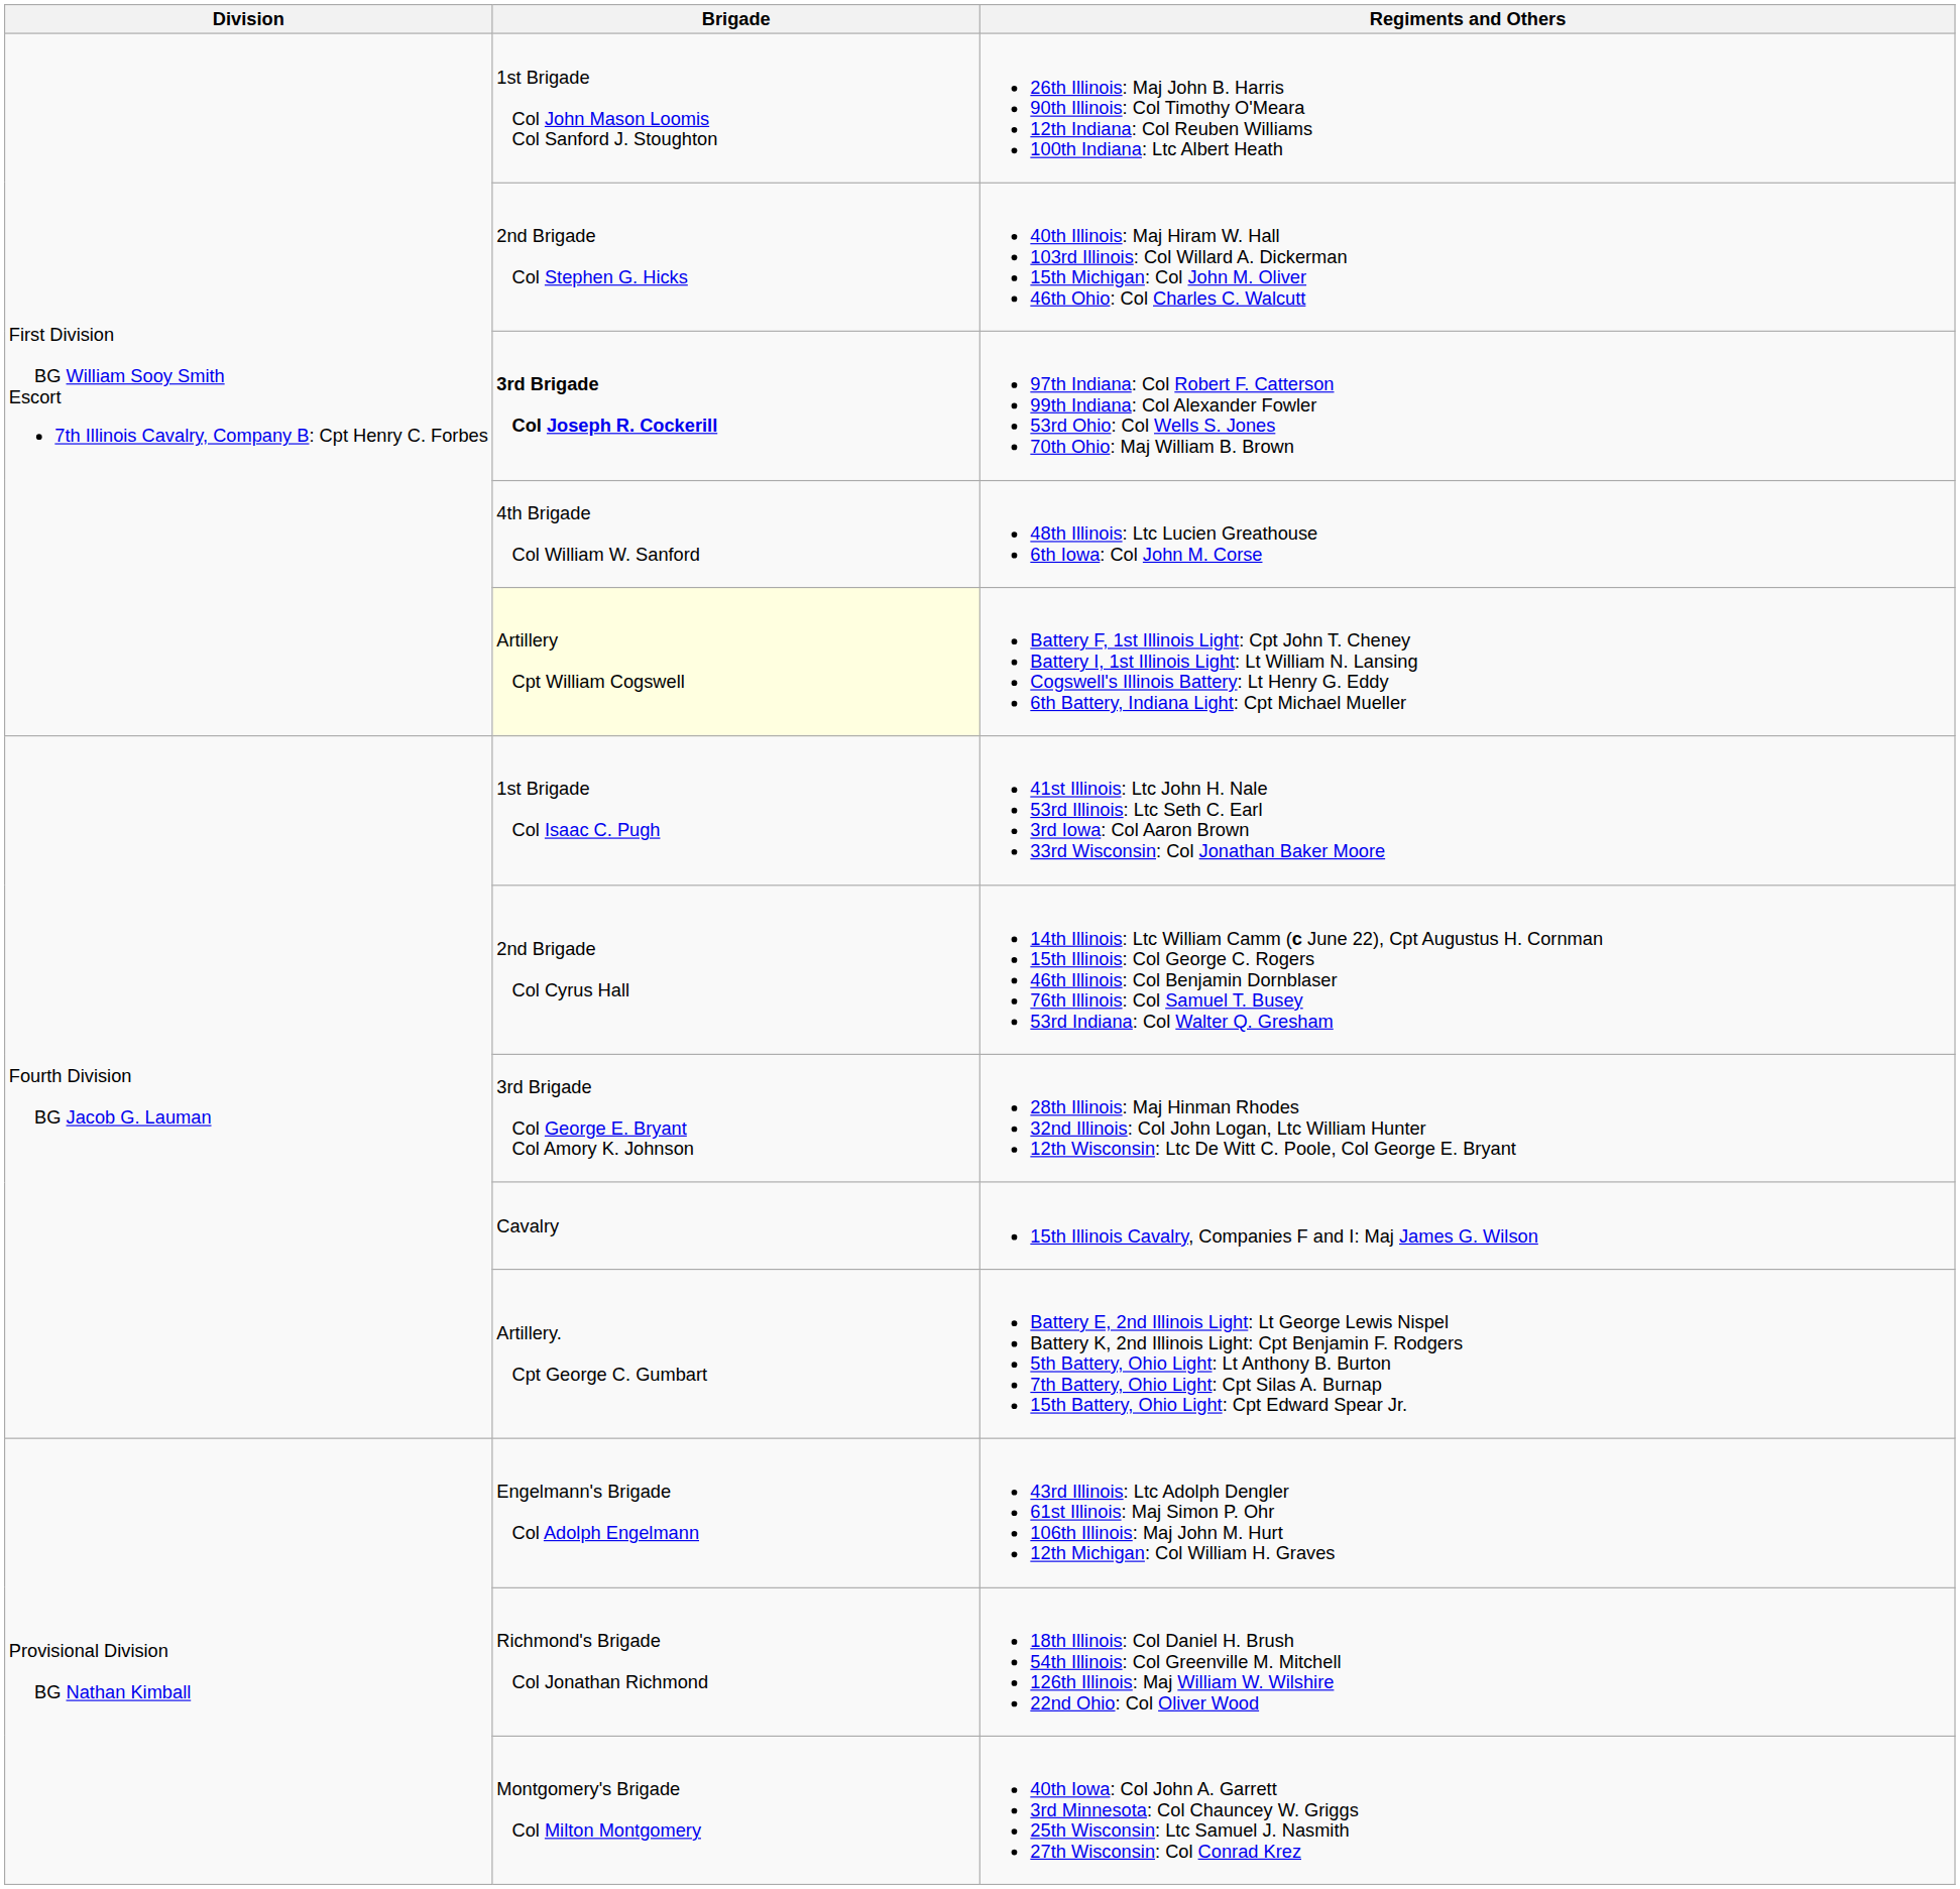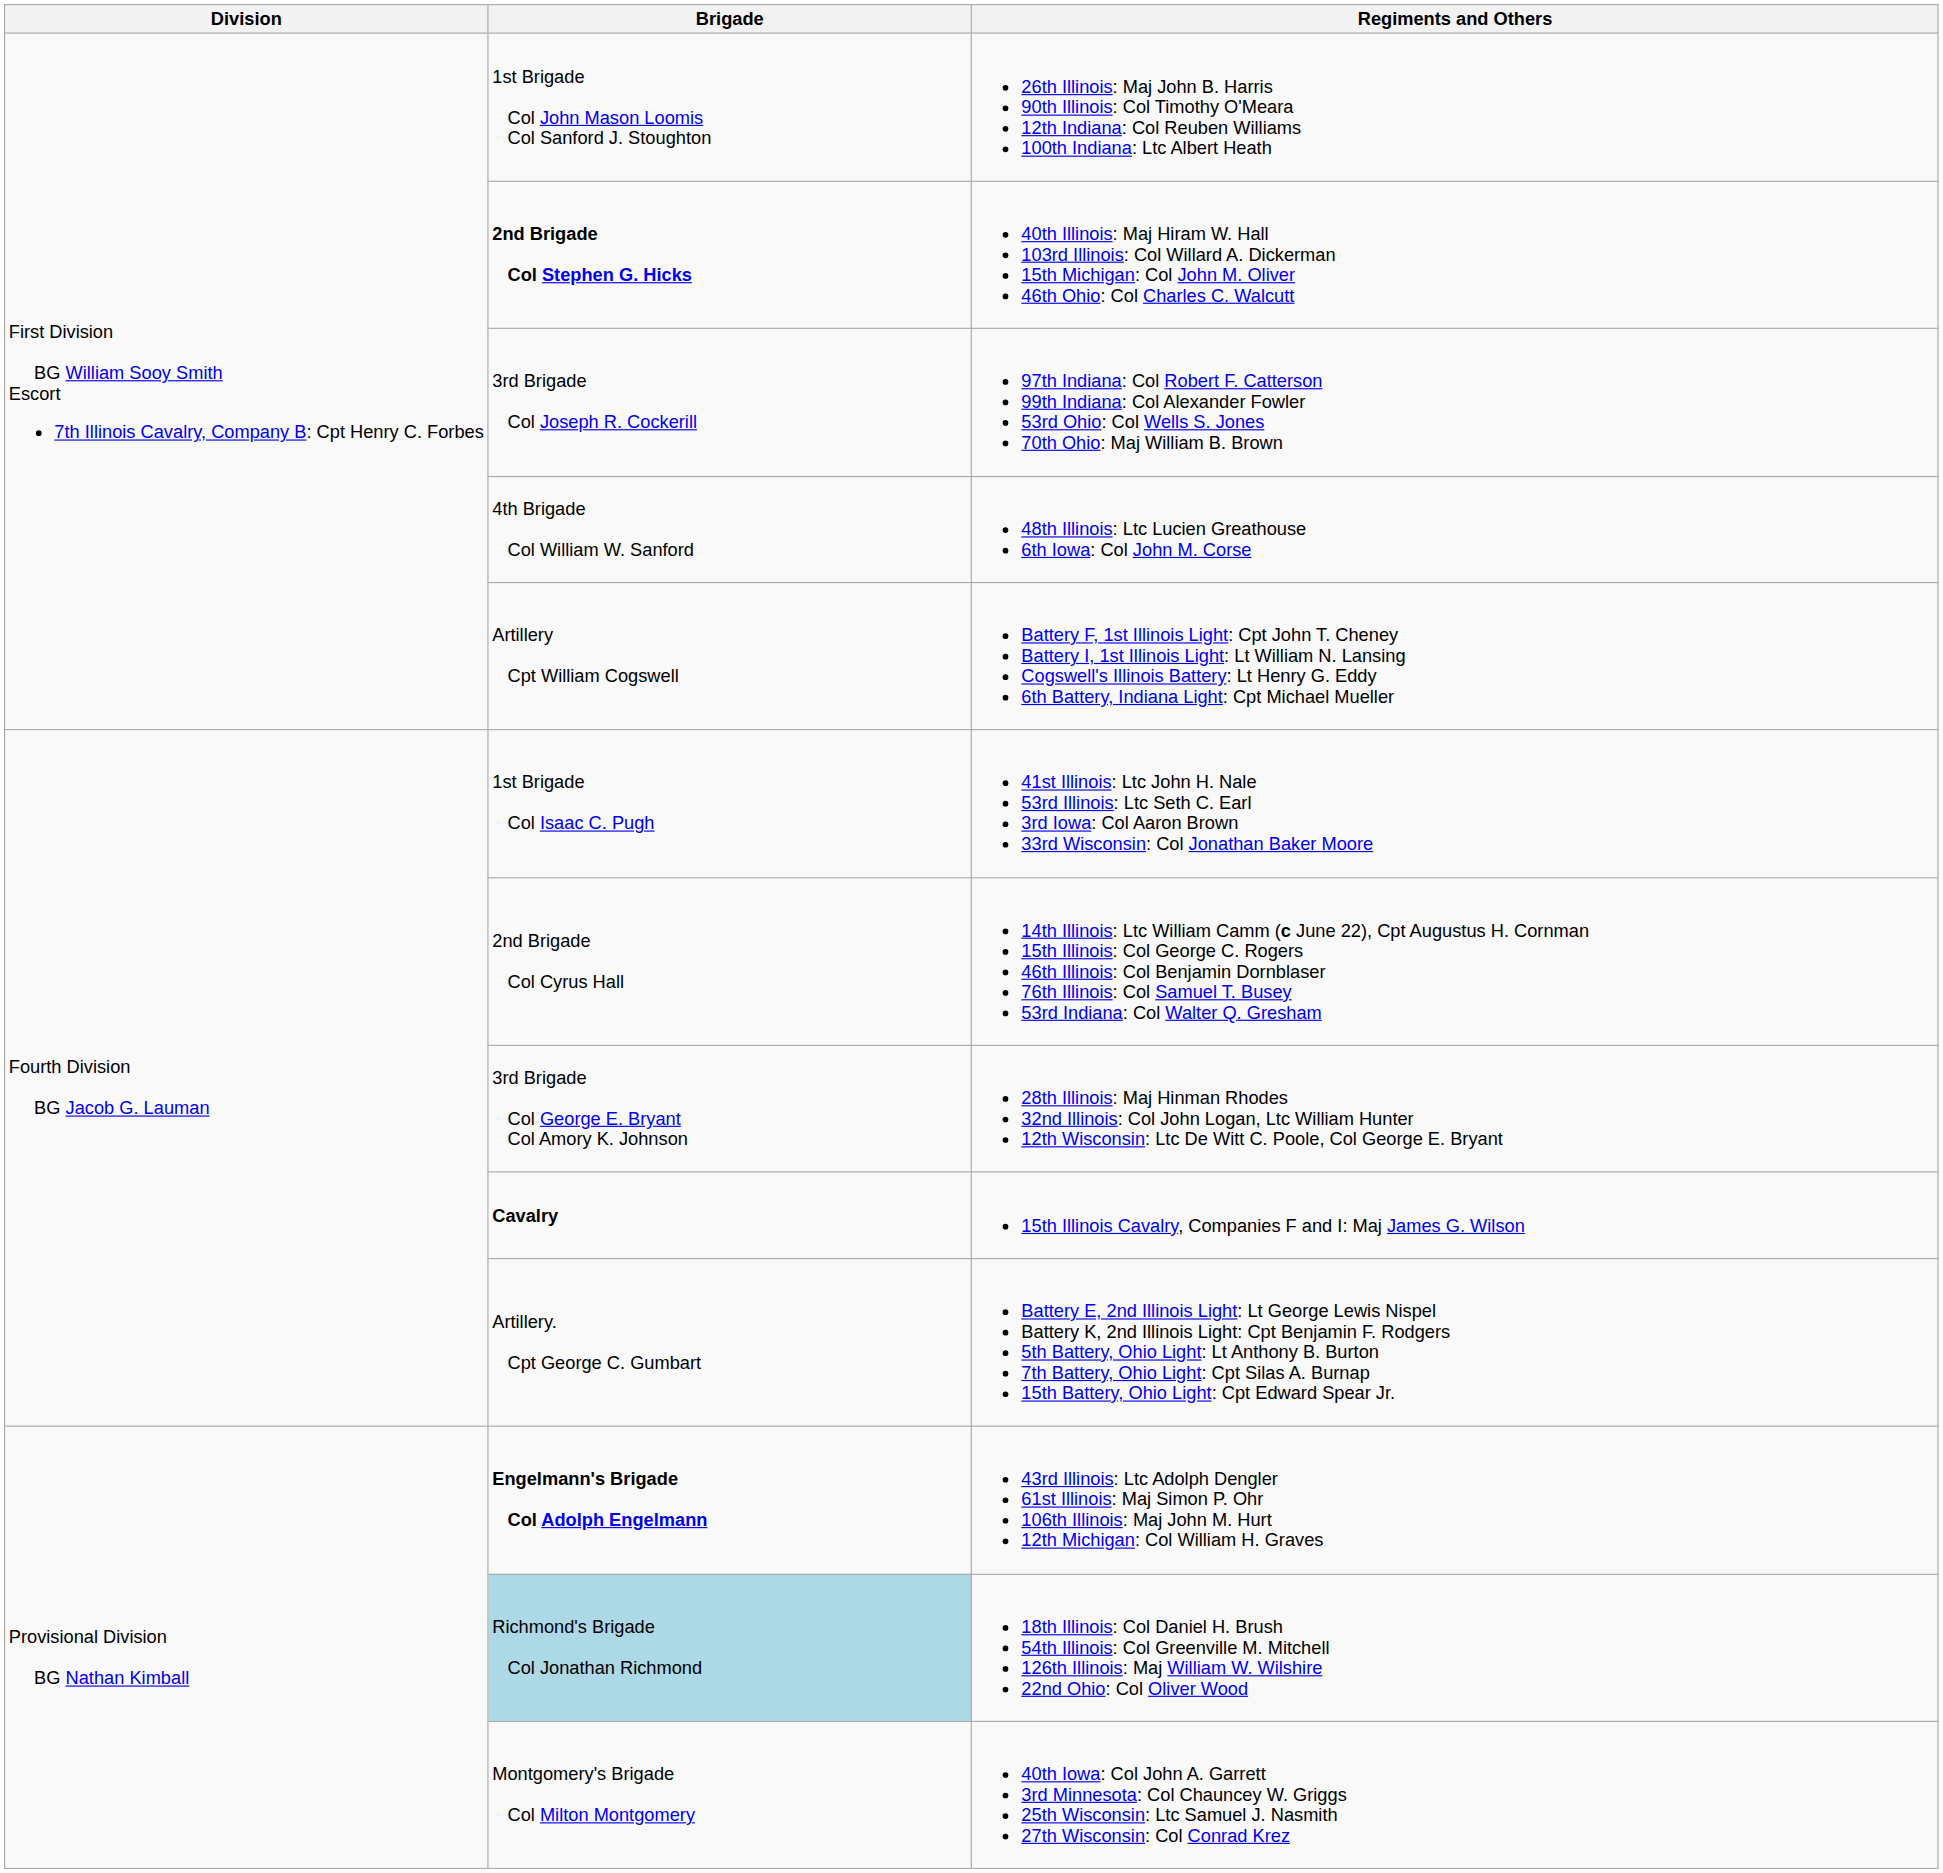 <table class="wikitable">
 <tr>
 <th width=25%>Division</th>
 <th width=25%>Brigade</th>
 <th>Regiments and Others</th>
 </tr>
 <tr>
 <td rowspan=5><br>First Division<br><br>     BG <a href='#'>William Sooy Smith</a><br>Escort<ul><li><a href='#'>7th Illinois Cavalry, Company B</a>: Cpt Henry C. Forbes</li></ul></td>
 <td>1st Brigade<br><br>   Col <a href='#'>John Mason Loomis</a> <br>   Col Sanford J. Stoughton</td>
 <td><br><ul><li><a href='#'>26th Illinois</a>: Maj John B. Harris</li><li><a href='#'>90th Illinois</a>: Col Timothy O'Meara</li><li><a href='#'>12th Indiana</a>: Col Reuben Williams</li><li><a href='#'>100th Indiana</a>: Ltc Albert Heath</li></ul></td>
 </tr>
 <tr>
-<td>2nd Brigade<br><br>   Col <a href='#'>Stephen G. Hicks</a></td>
+<td><strong>2nd Brigade<br><br>   Col <a href='#'>Stephen G. Hicks</a></strong></td>
 <td><br><ul><li><a href='#'>40th Illinois</a>: Maj Hiram W. Hall</li><li><a href='#'>103rd Illinois</a>: Col Willard A. Dickerman</li><li><a href='#'>15th Michigan</a>: Col <a href='#'>John M. Oliver</a></li><li><a href='#'>46th Ohio</a>: Col <a href='#'>Charles C. Walcutt</a></li></ul></td>
 </tr>
 <tr>
-<td><strong>3rd Brigade<br><br>   Col <a href='#'>Joseph R. Cockerill</a></strong></td>
+<td>3rd Brigade<br><br>   Col <a href='#'>Joseph R. Cockerill</a></td>
 <td><br><ul><li><a href='#'>97th Indiana</a>: Col <a href='#'>Robert F. Catterson</a></li><li><a href='#'>99th Indiana</a>: Col Alexander Fowler</li><li><a href='#'>53rd Ohio</a>: Col <a href='#'>Wells S. Jones</a></li><li><a href='#'>70th Ohio</a>: Maj William B. Brown</li></ul></td>
 </tr>
 <tr>
 <td>4th Brigade<br><br>   Col William W. Sanford</td>
 <td><br><ul><li><a href='#'>48th Illinois</a>: Ltc Lucien Greathouse</li><li><a href='#'>6th Iowa</a>: Col <a href='#'>John M. Corse</a></li></ul></td>
 </tr>
 <tr>
-<td style="background: lightyellow;">Artillery<br><br>   Cpt William Cogswell</td>
+<td>Artillery<br><br>   Cpt William Cogswell</td>
 <td><br><ul><li><a href='#'>Battery F, 1st Illinois Light</a>: Cpt John T. Cheney</li><li><a href='#'>Battery I, 1st Illinois Light</a>: Lt William N. Lansing</li><li><a href='#'>Cogswell's Illinois Battery</a>: Lt Henry G. Eddy</li><li><a href='#'>6th Battery, Indiana Light</a>: Cpt Michael Mueller</li></ul></td>
 </tr>
 <tr>
 <td rowspan=5><br>Fourth Division<br><br>     BG <a href='#'>Jacob G. Lauman</a></td>
 <td>1st Brigade<br><br>   Col <a href='#'>Isaac C. Pugh</a></td>
 <td><br><ul><li><a href='#'>41st Illinois</a>: Ltc John H. Nale</li><li><a href='#'>53rd Illinois</a>: Ltc Seth C. Earl</li><li><a href='#'>3rd Iowa</a>: Col Aaron Brown</li><li><a href='#'>33rd Wisconsin</a>: Col <a href='#'>Jonathan Baker Moore</a></li></ul></td>
 </tr>
 <tr>
 <td>2nd Brigade<br><br>   Col Cyrus Hall</td>
 <td><br><ul><li><a href='#'>14th Illinois</a>: Ltc William Camm (<strong>c</strong> June 22), Cpt Augustus H. Cornman</li><li><a href='#'>15th Illinois</a>: Col George C. Rogers</li><li><a href='#'>46th Illinois</a>: Col Benjamin Dornblaser</li><li><a href='#'>76th Illinois</a>: Col <a href='#'>Samuel T. Busey</a></li><li><a href='#'>53rd Indiana</a>: Col <a href='#'>Walter Q. Gresham</a></li></ul></td>
 </tr>
 <tr>
 <td>3rd Brigade<br><br>   Col <a href='#'>George E. Bryant</a> <br>   Col Amory K. Johnson</td>
 <td><br><ul><li><a href='#'>28th Illinois</a>: Maj Hinman Rhodes</li><li><a href='#'>32nd Illinois</a>: Col John Logan, Ltc William Hunter</li><li><a href='#'>12th Wisconsin</a>: Ltc De Witt C. Poole, Col George E. Bryant</li></ul></td>
 </tr>
 <tr>
-<td>Cavalry</td>
+<td><strong>Cavalry</strong></td>
 <td><br><ul><li><a href='#'>15th Illinois Cavalry</a>, Companies F and I: Maj <a href='#'>James G. Wilson</a></li></ul></td>
 </tr>
 <tr>
 <td>Artillery.<br><br>   Cpt George C. Gumbart</td>
 <td><br><ul><li><a href='#'>Battery E, 2nd Illinois Light</a>: Lt George Lewis Nispel</li><li>Battery K, 2nd Illinois Light: Cpt Benjamin F. Rodgers</li><li><a href='#'>5th Battery, Ohio Light</a>: Lt Anthony B. Burton</li><li><a href='#'>7th Battery, Ohio Light</a>: Cpt Silas A. Burnap</li><li><a href='#'>15th Battery, Ohio Light</a>: Cpt Edward Spear Jr.</li></ul></td>
 </tr>
 <tr>
 <td rowspan=3><br>Provisional Division<br><br>     BG <a href='#'>Nathan Kimball</a></td>
-<td>Engelmann's Brigade<br><br>   Col <a href='#'>Adolph Engelmann</a></td>
+<td><strong>Engelmann's Brigade<br><br>   Col <a href='#'>Adolph Engelmann</a></strong></td>
 <td><br><ul><li><a href='#'>43rd Illinois</a>: Ltc Adolph Dengler</li><li><a href='#'>61st Illinois</a>: Maj Simon P. Ohr</li><li><a href='#'>106th Illinois</a>: Maj John M. Hurt</li><li><a href='#'>12th Michigan</a>: Col William H. Graves</li></ul></td>
 </tr>
 <tr>
-<td>Richmond's Brigade<br><br>   Col Jonathan Richmond</td>
+<td style="background: lightblue;">Richmond's Brigade<br><br>   Col Jonathan Richmond</td>
 <td><br><ul><li><a href='#'>18th Illinois</a>: Col Daniel H. Brush</li><li><a href='#'>54th Illinois</a>: Col Greenville M. Mitchell</li><li><a href='#'>126th Illinois</a>: Maj <a href='#'>William W. Wilshire</a></li><li><a href='#'>22nd Ohio</a>: Col <a href='#'>Oliver Wood</a></li></ul></td>
 </tr>
 <tr>
 <td>Montgomery's Brigade<br><br>   Col <a href='#'>Milton Montgomery</a></td>
 <td><br><ul><li><a href='#'>40th Iowa</a>: Col John A. Garrett</li><li><a href='#'>3rd Minnesota</a>: Col Chauncey W. Griggs</li><li><a href='#'>25th Wisconsin</a>: Ltc Samuel J. Nasmith</li><li><a href='#'>27th Wisconsin</a>: Col <a href='#'>Conrad Krez</a></li></ul></td>
 </tr>
 </table>
